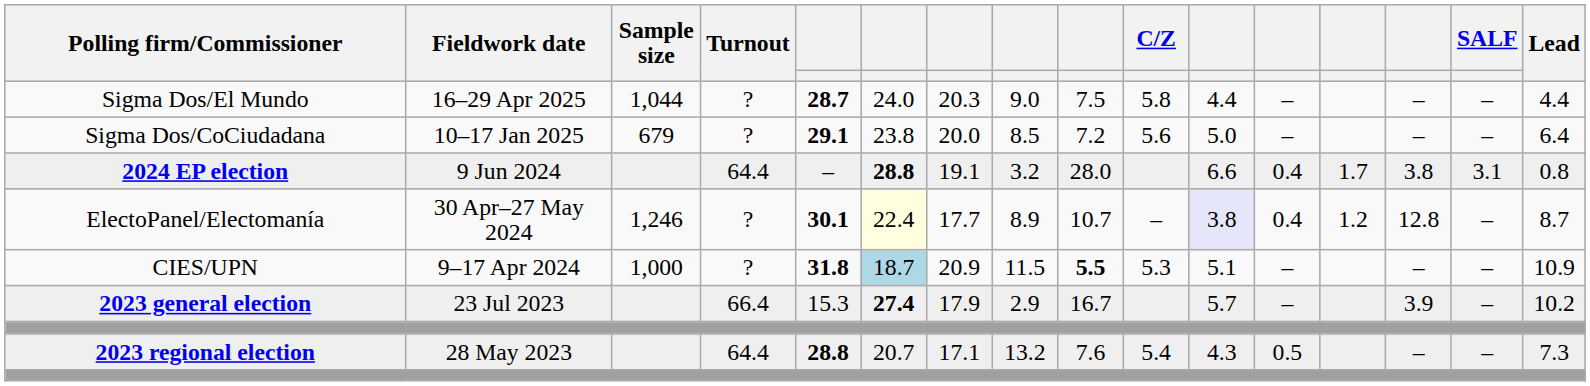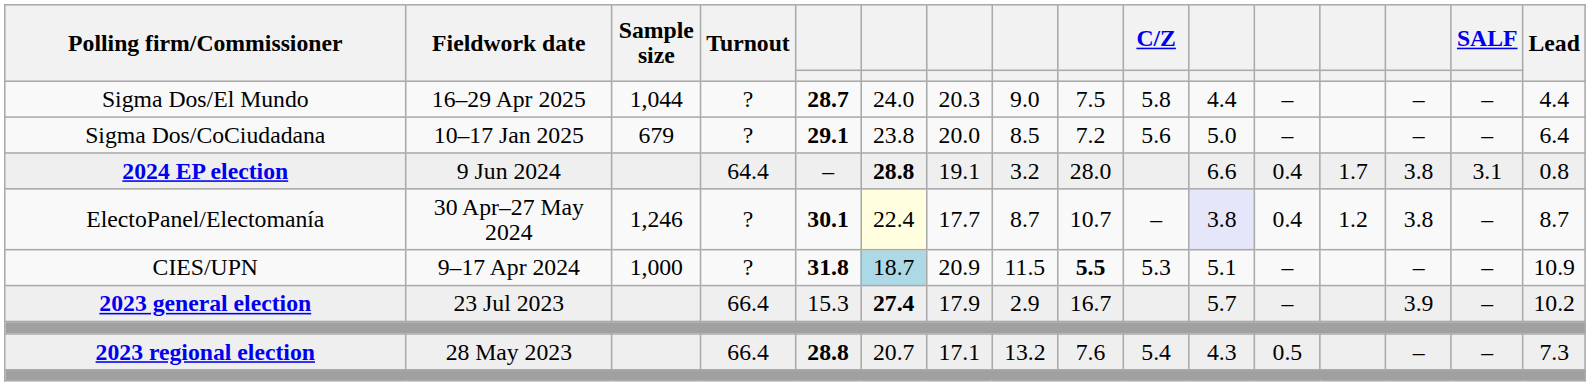 <table class="wikitable collapsible" style="text-align:center; font-size:95%; line-height:16px;">
 <tr style="height:42px;">
 <th style="width:250px;" rowspan="2">Polling firm/Commissioner</th>
 <th style="width:125px;" rowspan="2">Fieldwork date</th>
 <th style="width:50px;" rowspan="2">Sample size</th>
 <th style="width:45px;" rowspan="2">Turnout</th>
 <th style="width:35px;"></th>
 <th style="width:35px;"></th>
 <th style="width:35px;"></th>
 <th style="width:35px;"></th>
 <th style="width:35px;"></th>
 <th style="width:35px;"><a href='#'>C/Z</a></th>
 <th style="width:35px;"></th>
 <th style="width:35px;"></th>
 <th style="width:35px;"></th>
 <th style="width:35px;"></th>
 <th style="width:35px;"><a href='#'>SALF</a></th>
 <th style="width:30px;" rowspan="2">Lead</th>
 </tr>
 <tr>
 <th style="color:inherit;background:"></th>
 <th style="color:inherit;background:"></th>
 <th style="color:inherit;background:"></th>
 <th style="color:inherit;background:"></th>
 <th style="color:inherit;background:"></th>
 <th style="color:inherit;background:"></th>
 <th style="color:inherit;background:"></th>
 <th style="color:inherit;background:"></th>
 <th style="color:inherit;background:"></th>
 <th style="color:inherit;background:"></th>
 <th style="color:inherit;background:"></th>
 </tr>
 <tr>
 <td>Sigma Dos/El Mundo</td>
 <td>16–29 Apr 2025</td>
 <td>1,044</td>
 <td>?</td>
 <td><strong>28.7</strong><br></td>
 <td>24.0<br></td>
 <td>20.3<br></td>
 <td>9.0<br></td>
 <td>7.5<br></td>
 <td>5.8<br></td>
 <td>4.4<br></td>
 <td>–</td>
 <td></td>
 <td>–</td>
 <td>–</td>
 <td style="background:">4.4</td>
 </tr>
 <tr>
 <td>Sigma Dos/CoCiudadana</td>
 <td>10–17 Jan 2025</td>
 <td>679</td>
 <td>?</td>
 <td><strong>29.1</strong><br></td>
 <td>23.8<br></td>
 <td>20.0<br></td>
 <td>8.5<br></td>
 <td>7.2<br></td>
 <td>5.6<br></td>
 <td>5.0<br></td>
 <td>–</td>
 <td></td>
 <td>–</td>
 <td>–</td>
 <td style="background:">6.4</td>
 </tr>
 <tr style="background:#EFEFEF;">
 <td><strong><a href='#'>2024 EP election</a></strong></td>
 <td>9 Jun 2024</td>
 <td></td>
 <td>64.4</td>
 <td>–</td>
 <td><strong>28.8</strong><br></td>
 <td>19.1<br></td>
 <td>3.2<br></td>
 <td>28.0<br></td>
 <td></td>
 <td>6.6<br></td>
 <td>0.4<br></td>
 <td>1.7<br></td>
 <td>3.8<br></td>
 <td>3.1<br></td>
 <td style="background:">0.8</td>
 </tr>
 <tr>
 <td>ElectoPanel/Electomanía</td>
 <td>30 Apr–27 May 2024</td>
 <td>1,246</td>
 <td>?</td>
 <td><strong>30.1</strong><br></td>
 <td style="background: lightyellow;">22.4<br></td>
 <td>17.7<br></td>
-<td>8.9<br></td>
+<td>8.7<br></td>
 <td>10.7<br></td>
 <td>–</td>
 <td style="background: lavender;">3.8<br></td>
 <td>0.4<br></td>
 <td>1.2<br></td>
-<td>12.8<br></td>
+<td>3.8<br></td>
 <td>–</td>
 <td style="background:">8.7</td>
 </tr>
 <tr>
 <td>CIES/UPN</td>
 <td>9–17 Apr 2024</td>
 <td>1,000</td>
 <td>?</td>
 <td><strong>31.8</strong><br></td>
 <td style="background: lightblue;">18.7<br></td>
 <td>20.9<br></td>
 <td>11.5<br></td>
 <td><strong>5.5<br></strong></td>
 <td>5.3<br></td>
 <td>5.1<br></td>
 <td>–</td>
 <td></td>
 <td>–</td>
 <td>–</td>
 <td style="background:">10.9</td>
 </tr>
 <tr style="background:#EFEFEF;">
 <td><strong><a href='#'>2023 general election</a></strong></td>
 <td>23 Jul 2023</td>
 <td></td>
 <td>66.4</td>
 <td>15.3<br></td>
 <td><strong>27.4</strong><br></td>
 <td>17.9<br></td>
 <td>2.9<br></td>
 <td>16.7<br></td>
 <td></td>
 <td>5.7<br></td>
 <td>–</td>
 <td></td>
 <td>3.9<br></td>
 <td>–</td>
 <td style="background:">10.2</td>
 </tr>
 <tr>
 <td colspan="16" style="background:#A0A0A0"></td>
 </tr>
 <tr style="background:#EFEFEF;">
 <td><strong><a href='#'>2023 regional election</a></strong></td>
 <td>28 May 2023</td>
 <td></td>
-<td>64.4</td>
+<td>66.4</td>
 <td><strong>28.8</strong><br></td>
 <td>20.7<br></td>
 <td>17.1<br></td>
 <td>13.2<br></td>
 <td>7.6<br></td>
 <td>5.4<br></td>
 <td>4.3<br></td>
 <td>0.5<br></td>
 <td></td>
 <td>–</td>
 <td>–</td>
 <td style="background:">7.3</td>
 </tr>
 <tr>
 <td colspan="16" style="background:#A0A0A0"></td>
 </tr>
 </table>
